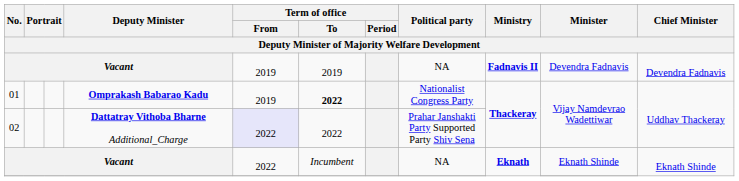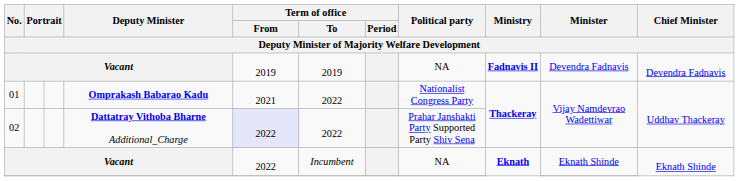 <table class="wikitable" style="text-align:center">
 <tr>
 <th rowspan="2">No.</th>
 <th rowspan="2" colspan="2">Portrait</th>
 <th rowspan="2" style="width:16em">Deputy Minister<br></th>
 <th colspan="3">Term of office</th>
 <th rowspan="2" style="width:8em">Political party</th>
 <th rowspan="2">Ministry</th>
 <th rowspan="2" style="width:9em">Minister</th>
 <th rowspan="2" style="width:9em">Chief Minister</th>
 </tr>
 <tr>
 <th style="width:6em">From</th>
 <th style="width:6em">To</th>
 <th>Period</th>
 </tr>
 <tr>
 <th colspan="11">Deputy Minister of Majority Welfare Development</th>
 </tr>
 <tr>
 <th colspan="04"><strong><em> Vacant</em></strong></th>
 <td><br>2019</td>
 <td><br>2019</td>
 <th></th>
 <td>NA</td>
 <td rowspan="1"><a href='#'><strong>Fadnavis II</strong></a></td>
 <td><a href='#'>Devendra Fadnavis</a></td>
 <td rowspan="1"> <br><a href='#'>Devendra Fadnavis</a></td>
 </tr>
 <tr>
 <td>01</td>
 <td style="color:inherit;background:"></td>
 <td></td>
 <td><strong><a href='#'>Omprakash Babarao Kadu</a></strong> <br> </td>
-<td><br>2019</td>
-<td><strong><br>2022</strong></td>
+<td><br>2021</td>
+<td><br>2022</td>
 <th></th>
 <td><a href='#'>Nationalist Congress Party</a></td>
 <td rowspan="2"><a href='#'><strong>Thackeray</strong></a></td>
 <td rowspan="2"><a href='#'>Vijay Namdevrao Wadettiwar</a></td>
 <td rowspan="2"> <br><a href='#'>Uddhav Thackeray</a></td>
 </tr>
 <tr>
 <td>02</td>
 <td style="color:inherit;background:"></td>
 <td></td>
 <td><strong><a href='#'>Dattatray Vithoba Bharne</a></strong><br> <br><em>Additional_Charge</em></td>
 <td style="background: lavender;"><br>2022</td>
 <td><br>2022</td>
 <th></th>
 <td><a href='#'>Prahar Janshakti Party</a> Supported Party <a href='#'>Shiv Sena</a></td>
 </tr>
 <tr>
 <th colspan="04"><strong><em>Vacant</em></strong></th>
 <td><br>2022</td>
 <td><em>Incumbent</em></td>
 <th></th>
 <td>NA</td>
 <td rowspan="2"><a href='#'><strong>Eknath</strong></a></td>
 <td><a href='#'>Eknath Shinde</a></td>
 <td rowspan="2"> <br><a href='#'>Eknath Shinde</a></td>
 </tr>
 <tr>
 </tr>
 </table>
